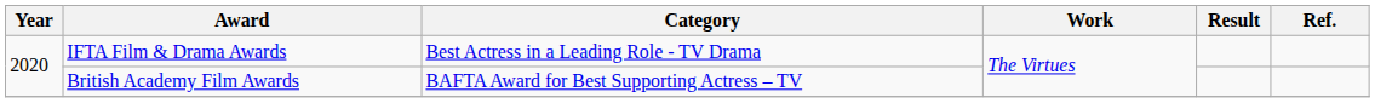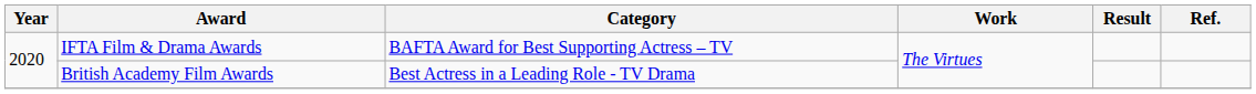 <table width="90%" class="wikitable">
 <tr>
 <th width="10">Year</th>
 <th width="240">Award</th>
 <th width="380">Category</th>
 <th width="140">Work</th>
 <th width="30">Result</th>
 <th width="60">Ref.</th>
 </tr>
 <tr>
 <td rowspan="2">2020</td>
 <td><a href='#'>IFTA Film & Drama Awards</a></td>
-<td><a href='#'>Best Actress in a Leading Role - TV Drama</a></td>
+<td><a href='#'>BAFTA Award for Best Supporting Actress – TV</a></td>
 <td rowspan="2"><em><a href='#'>The Virtues</a></em></td>
 <td></td>
 <td></td>
 </tr>
 <tr>
 <td><a href='#'>British Academy Film Awards</a></td>
-<td><a href='#'>BAFTA Award for Best Supporting Actress – TV</a></td>
+<td><a href='#'>Best Actress in a Leading Role - TV Drama</a></td>
 <td></td>
 <td></td>
 </tr>
 <tr>
 </tr>
 </table>
